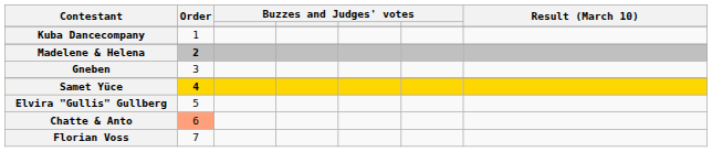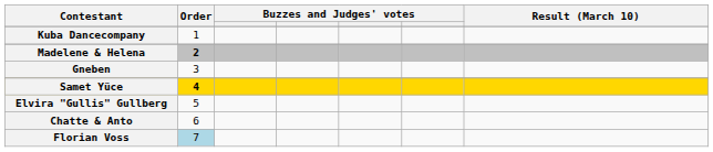 <table class="wikitable plainrowheaders sortable" style="text-align:center;">
 <tr>
 <th scope="col" rowspan="2" class="unsortable" style="width:17em;">Contestant</th>
 <th scope="col" rowspan="2" style="width:1em;">Order</th>
 <th scope="col" colspan="4" class="unsortable" style="width:24em;">Buzzes and Judges' votes</th>
 <th scope="col" rowspan="2" style="width:25em;">Result (March 10)</th>
 </tr>
 <tr>
 <th scope="col" class="unsortable" style="width:6em;"></th>
 <th scope="col" class="unsortable" style="width:6em;"></th>
 <th scope="col" class="unsortable" style="width:6em;"></th>
 <th scope="col" class="unsortable" style="width:6em;"></th>
 </tr>
 <tr>
 </tr>
 <tr -style="background:#c96">
 <th scope="row">Kuba Dancecompany</th>
 <td>1</td>
 <td style="text-align:center;"></td>
 <td></td>
 <td></td>
 <td></td>
 <td></td>
 </tr>
 <tr>
 </tr>
 <tr style="background:silver">
 <th scope="row"><strong>Madelene & Helena</strong></th>
 <td><strong>2</strong></td>
 <td></td>
 <td style="text-align:center;"></td>
 <td style="text-align:center;"></td>
 <td style="text-align:center;"></td>
 <td></td>
 </tr>
 <tr>
 <th scope="row">Gneben</th>
 <td>3</td>
 <td></td>
 <td></td>
 <td></td>
 <td></td>
 <td></td>
 </tr>
 <tr>
 </tr>
 <tr style="background:gold">
 <th scope="row"><strong>Samet Yüce</strong></th>
 <td><strong>4</strong></td>
 <td></td>
 <td></td>
 <td></td>
 <td></td>
 <td></td>
 </tr>
 <tr>
 <th scope="row">Elvira "Gullis" Gullberg</th>
 <td>5</td>
 <td></td>
 <td></td>
 <td></td>
 <td></td>
 <td></td>
 </tr>
 <tr>
 <th scope="row">Chatte & Anto</th>
-<td style="background: lightsalmon;">6</td>
+<td>6</td>
 <td></td>
 <td></td>
 <td></td>
 <td></td>
 <td></td>
 </tr>
 <tr>
 <th scope="row">Florian Voss</th>
-<td>7</td>
+<td style="background: lightblue;">7</td>
 <td></td>
 <td></td>
 <td></td>
 <td></td>
 <td></td>
 </tr>
 </table>
